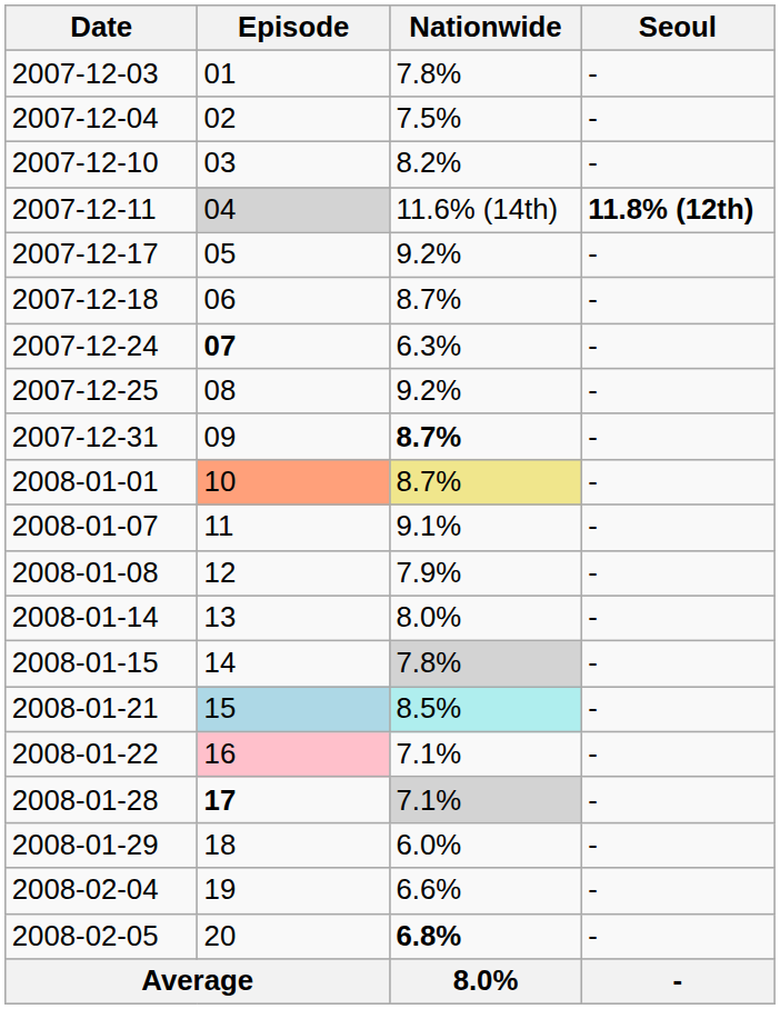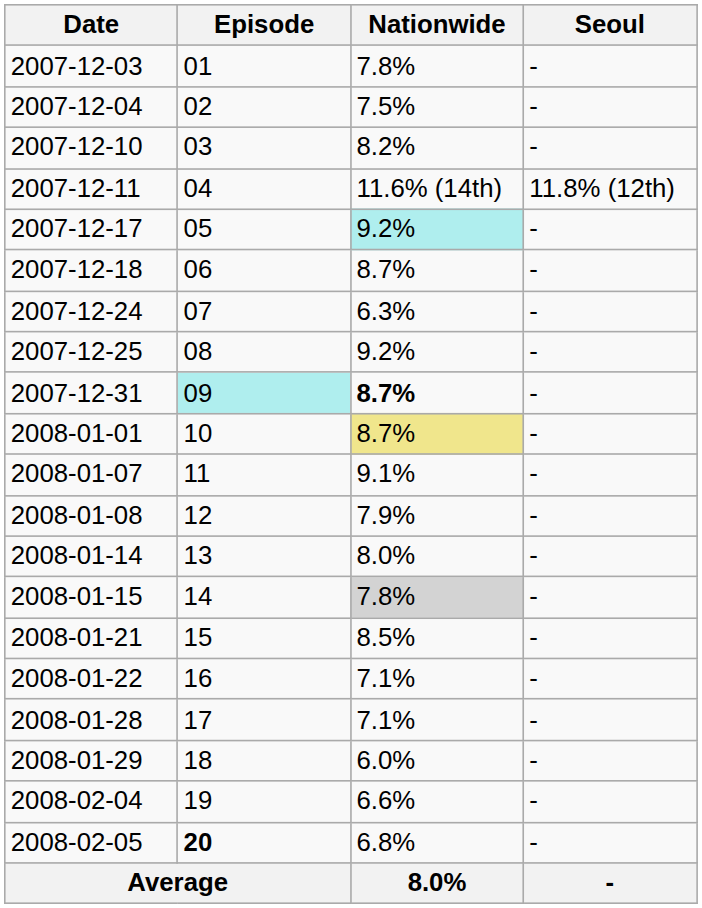 <table class="wikitable">
 <tr>
 <th width=100>Date</th>
 <th width=100>Episode</th>
 <th width=100>Nationwide</th>
 <th width=100>Seoul</th>
 </tr>
 <tr>
 <td>2007-12-03</td>
 <td>01</td>
 <td>7.8%</td>
 <td>-</td>
 </tr>
 <tr>
 <td>2007-12-04</td>
 <td>02</td>
 <td>7.5%</td>
 <td>-</td>
 </tr>
 <tr>
 <td>2007-12-10</td>
 <td>03</td>
 <td>8.2%</td>
 <td>-</td>
 </tr>
 <tr>
 <td>2007-12-11</td>
-<td style="background: lightgrey;">04</td>
+<td>04</td>
 <td>11.6% (14th)</td>
-<td><strong>11.8% (12th)</strong></td>
+<td>11.8% (12th)</td>
 </tr>
 <tr>
 <td>2007-12-17</td>
 <td>05</td>
-<td>9.2%</td>
+<td style="background: paleturquoise;">9.2%</td>
 <td>-</td>
 </tr>
 <tr>
 <td>2007-12-18</td>
 <td>06</td>
 <td>8.7%</td>
 <td>-</td>
 </tr>
 <tr>
 <td>2007-12-24</td>
-<td><strong>07</strong></td>
+<td>07</td>
 <td>6.3%</td>
 <td>-</td>
 </tr>
 <tr>
 <td>2007-12-25</td>
 <td>08</td>
 <td>9.2%</td>
 <td>-</td>
 </tr>
 <tr>
 <td>2007-12-31</td>
-<td>09</td>
+<td style="background: paleturquoise;">09</td>
 <td><strong>8.7%</strong></td>
 <td>-</td>
 </tr>
 <tr>
 <td>2008-01-01</td>
-<td style="background: lightsalmon;">10</td>
+<td>10</td>
 <td style="background: khaki;">8.7%</td>
 <td>-</td>
 </tr>
 <tr>
 <td>2008-01-07</td>
 <td>11</td>
 <td>9.1%</td>
 <td>-</td>
 </tr>
 <tr>
 <td>2008-01-08</td>
 <td>12</td>
 <td>7.9%</td>
 <td>-</td>
 </tr>
 <tr>
 <td>2008-01-14</td>
 <td>13</td>
 <td>8.0%</td>
 <td>-</td>
 </tr>
 <tr>
 <td>2008-01-15</td>
 <td>14</td>
 <td style="background: lightgrey;">7.8%</td>
 <td>-</td>
 </tr>
 <tr>
 <td>2008-01-21</td>
-<td style="background: lightblue;">15</td>
-<td style="background: paleturquoise;">8.5%</td>
+<td>15</td>
+<td>8.5%</td>
 <td>-</td>
 </tr>
 <tr>
 <td>2008-01-22</td>
-<td style="background: pink;">16</td>
+<td>16</td>
 <td>7.1%</td>
 <td>-</td>
 </tr>
 <tr>
 <td>2008-01-28</td>
-<td><strong>17</strong></td>
-<td style="background: lightgrey;">7.1%</td>
+<td>17</td>
+<td>7.1%</td>
 <td>-</td>
 </tr>
 <tr>
 <td>2008-01-29</td>
 <td>18</td>
 <td>6.0%</td>
 <td>-</td>
 </tr>
 <tr>
 <td>2008-02-04</td>
 <td>19</td>
 <td>6.6%</td>
 <td>-</td>
 </tr>
 <tr>
 <td>2008-02-05</td>
-<td>20</td>
-<td><strong>6.8%</strong></td>
+<td><strong>20</strong></td>
+<td>6.8%</td>
 <td>-</td>
 </tr>
 <tr>
 <th colspan=2>Average</th>
 <th>8.0%</th>
 <th>-</th>
 </tr>
 </table>
